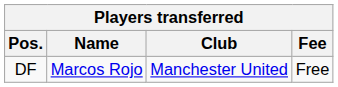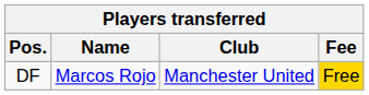 <table class="wikitable" style="font-size:95%;">
 <tr>
 <th colspan="5">Players transferred</th>
 </tr>
 <tr>
 <th>Pos.</th>
 <th>Name</th>
 <th>Club</th>
 <th>Fee</th>
 </tr>
 <tr>
 <td align="center">DF</td>
 <td> <a href='#'>Marcos Rojo</a></td>
 <td> <a href='#'>Manchester United</a></td>
-<td>Free</td>
+<td style="background: gold;">Free</td>
 </tr>
 </table>
